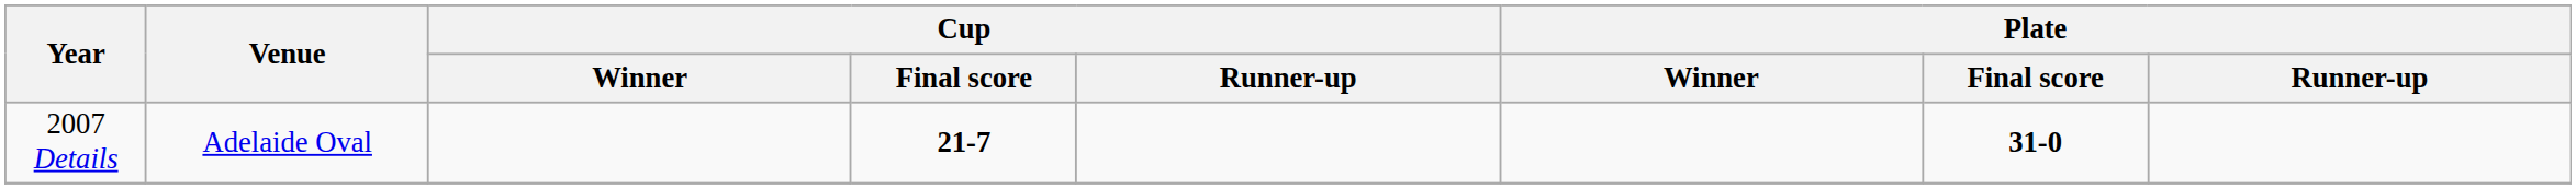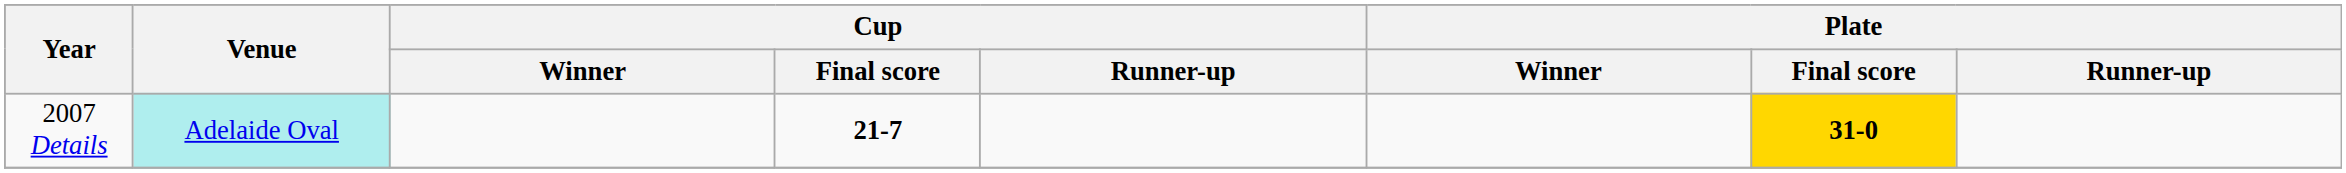 <table class="wikitable" style="font-size:90%; width: 100%; text-align: center;">
 <tr>
 <th rowspan=2 width=5%>Year</th>
 <th rowspan=2 width=10%>Venue</th>
 <th colspan=3>Cup</th>
 <th colspan=3>Plate</th>
 </tr>
 <tr>
 <th width=15%>Winner</th>
 <th width=8%>Final score</th>
 <th width=15%>Runner-up</th>
 <th width=15%>Winner</th>
 <th width=8%>Final score</th>
 <th width=15%>Runner-up</th>
 </tr>
 <tr>
 <td>2007<br> <em><a href='#'>Details</a></em></td>
-<td><a href='#'>Adelaide Oval</a></td>
+<td style="background: paleturquoise;"><a href='#'>Adelaide Oval</a></td>
 <td><strong></strong></td>
 <td><strong>21-7</strong></td>
 <td></td>
 <td></td>
-<td><strong>31-0</strong></td>
+<td style="background: gold;"><strong>31-0</strong></td>
 <td></td>
 </tr>
 <tr>
 </tr>
 </table>
